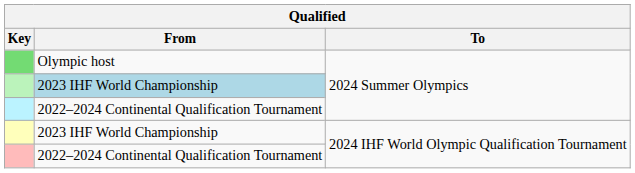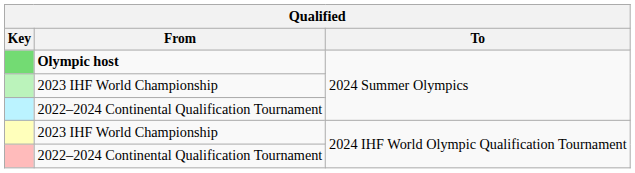 <table class="wikitable" style="font-size:90%">
 <tr>
 <th colspan=3>Qualified</th>
 </tr>
 <tr style="font-size:95%">
 <th>Key</th>
 <th>From</th>
 <th>To</th>
 </tr>
 <tr>
 <td bgcolor=#73DB73></td>
-<td>Olympic host</td>
+<td><strong>Olympic host</strong></td>
 <td rowspan=3>2024 Summer Olympics</td>
 </tr>
 <tr>
 <td bgcolor=#BBF3BB></td>
-<td style="background: lightblue;">2023 IHF World Championship</td>
+<td>2023 IHF World Championship</td>
 </tr>
 <tr>
 <td bgcolor=#BBF3FF></td>
 <td>2022–2024 Continental Qualification Tournament</td>
 </tr>
 <tr>
 <td bgcolor=#FFFFBB></td>
 <td>2023 IHF World Championship</td>
 <td rowspan=2>2024 IHF World Olympic Qualification Tournament</td>
 </tr>
 <tr>
 <td bgcolor=#FFBBBB></td>
 <td>2022–2024 Continental Qualification Tournament</td>
 </tr>
 </table>
